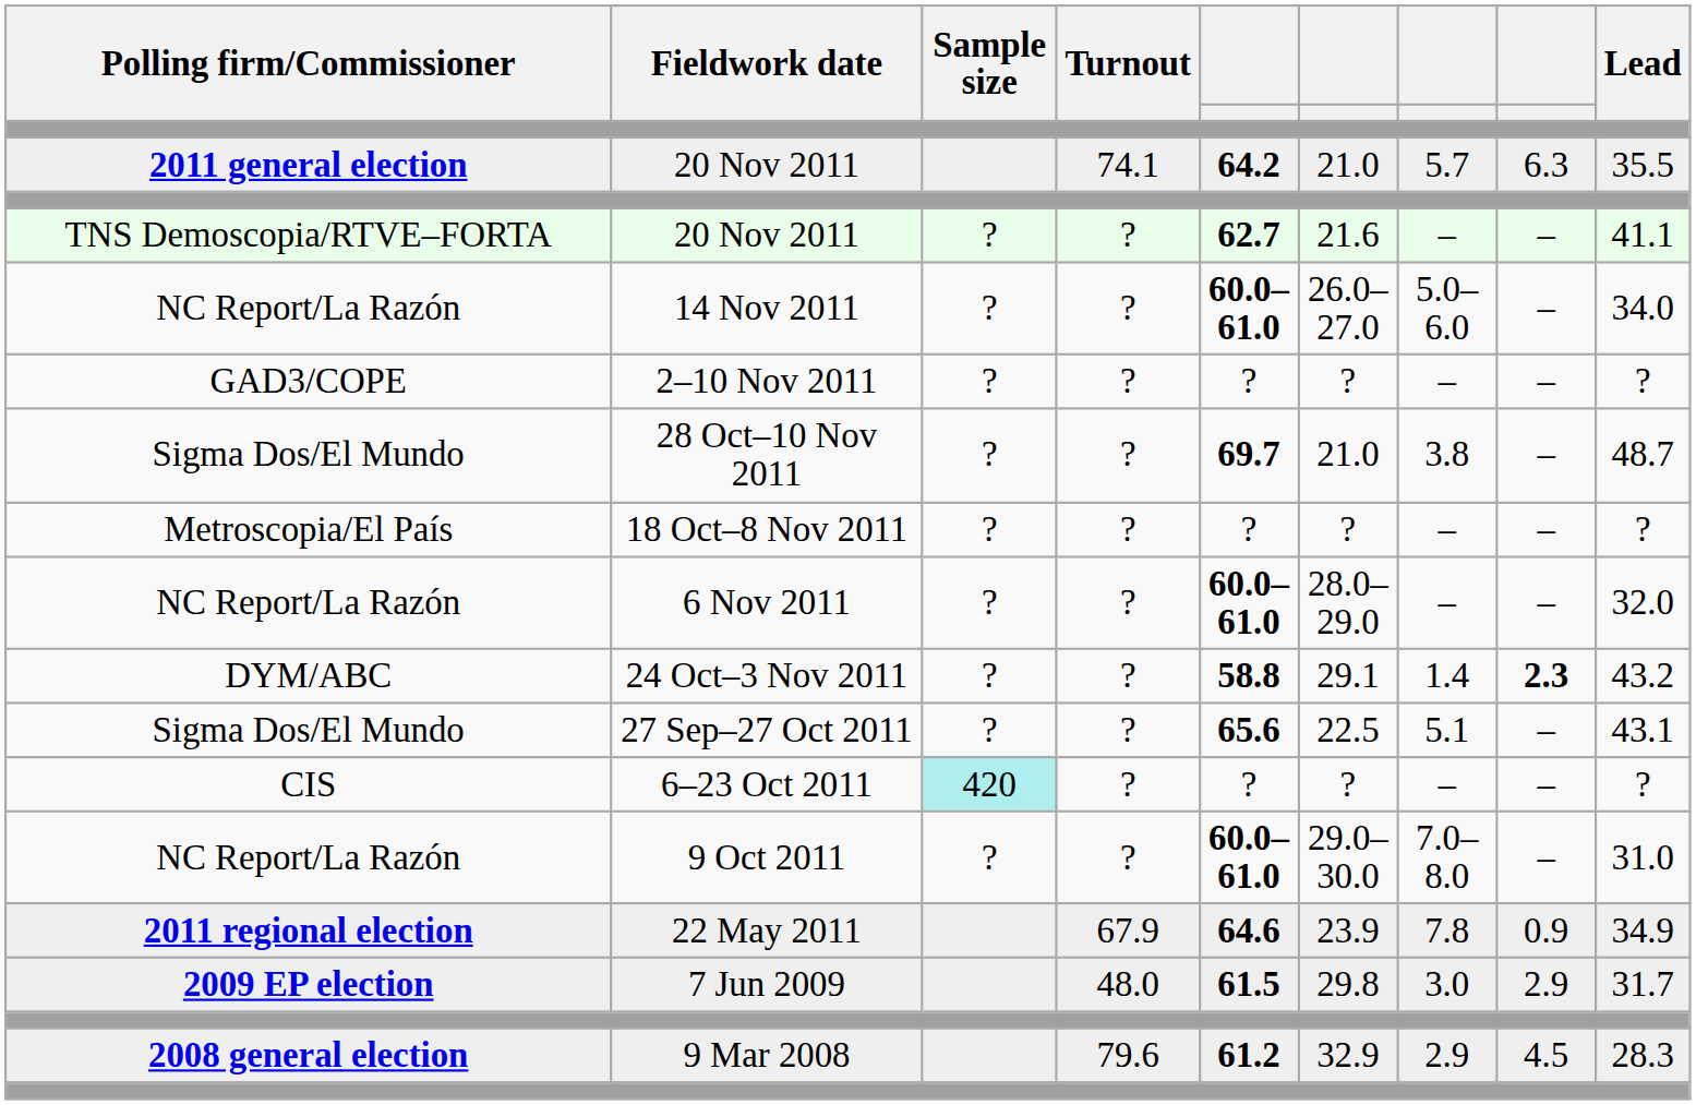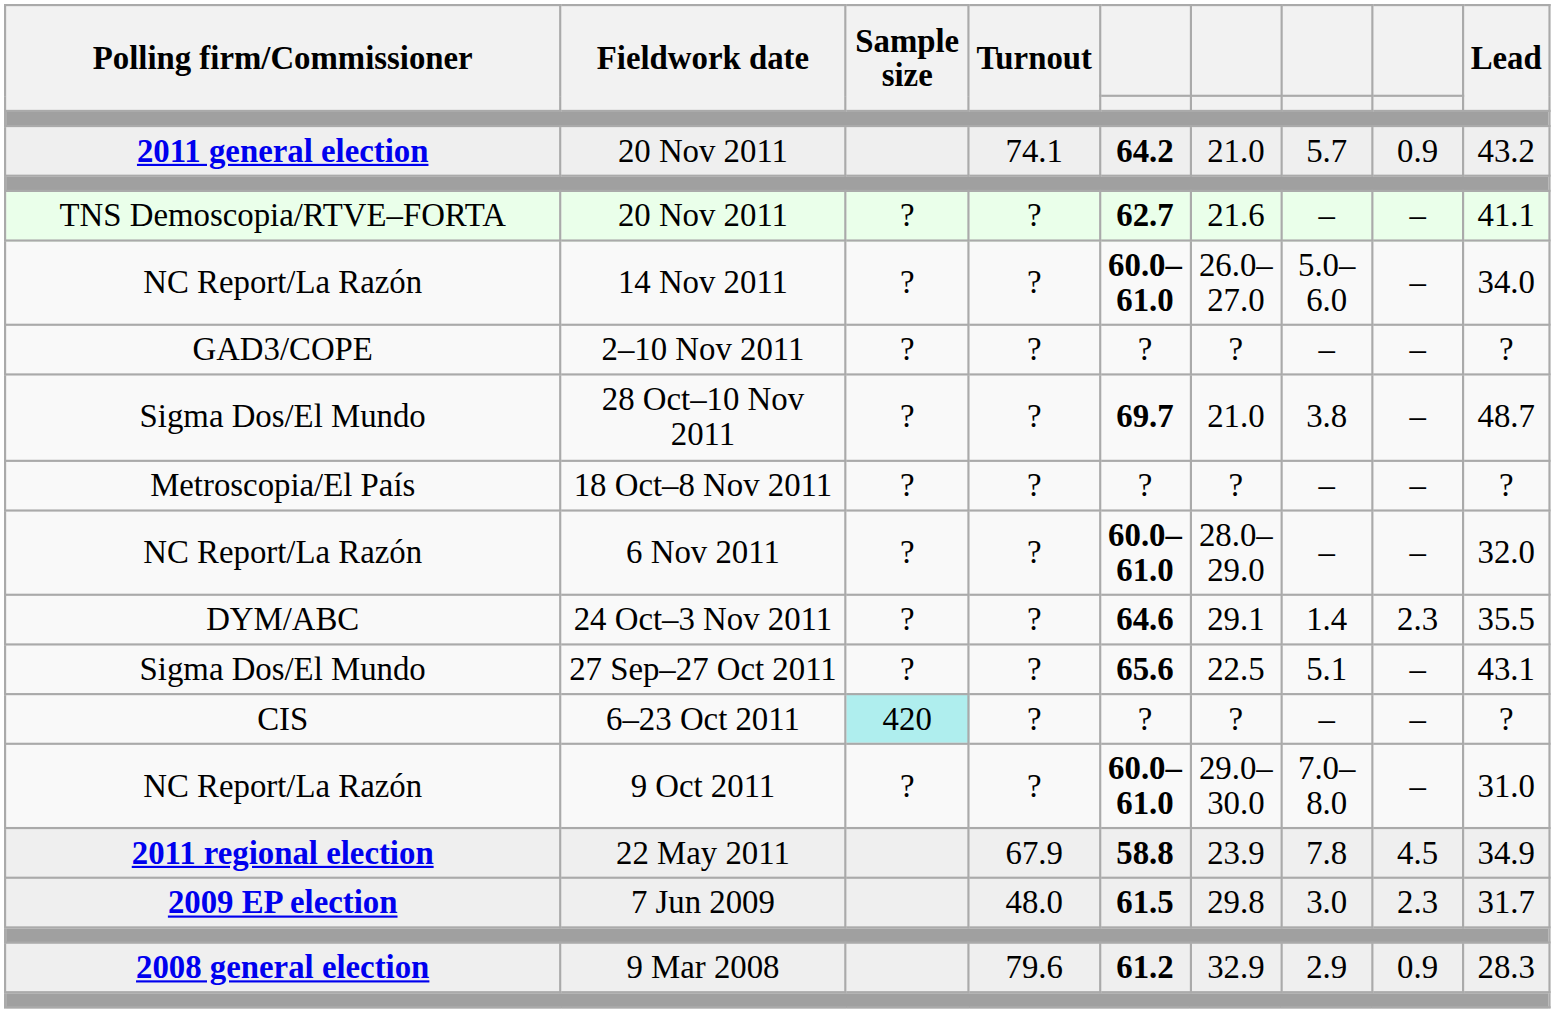 <table class="wikitable collapsible collapsed" style="text-align:center; font-size:95%; line-height:16px;">
 <tr style="height:42px;">
 <th style="width:250px;" rowspan="2">Polling firm/Commissioner</th>
 <th style="width:125px;" rowspan="2">Fieldwork date</th>
 <th style="width:50px;" rowspan="2">Sample size</th>
 <th style="width:45px;" rowspan="2">Turnout</th>
 <th style="width:35px;"></th>
 <th style="width:35px;"></th>
 <th style="width:35px;"></th>
 <th style="width:35px;"></th>
 <th style="width:30px;" rowspan="2">Lead</th>
 </tr>
 <tr>
 <th style="color:inherit;background:"></th>
 <th style="color:inherit;background:"></th>
 <th style="color:inherit;background:"></th>
 <th style="color:inherit;background:"></th>
 </tr>
 <tr>
 <td colspan="9" style="background:#A0A0A0"></td>
 </tr>
 <tr style="background:#EFEFEF;">
 <td><strong><a href='#'>2011 general election</a></strong></td>
 <td>20 Nov 2011</td>
 <td></td>
 <td>74.1</td>
 <td><strong>64.2</strong><br></td>
 <td>21.0<br></td>
 <td>5.7<br></td>
-<td>6.3<br></td>
-<td style="background:">35.5</td>
+<td>0.9<br></td>
+<td style="background:">43.2</td>
 </tr>
 <tr>
 <td colspan="9" style="background:#A0A0A0"></td>
 </tr>
 <tr style="background:#EAFFEA;">
 <td>TNS Demoscopia/RTVE–FORTA</td>
 <td>20 Nov 2011</td>
 <td>?</td>
 <td>?</td>
 <td><strong>62.7</strong><br></td>
 <td>21.6<br></td>
 <td>–</td>
 <td>–</td>
 <td style="background:">41.1</td>
 </tr>
 <tr>
 <td>NC Report/La Razón</td>
 <td>14 Nov 2011</td>
 <td>?</td>
 <td>?</td>
 <td><strong>60.0–<br>61.0</strong><br></td>
 <td>26.0–<br>27.0<br></td>
 <td>5.0–<br>6.0<br></td>
 <td>–</td>
 <td style="background:">34.0</td>
 </tr>
 <tr>
 <td>GAD3/COPE</td>
 <td>2–10 Nov 2011</td>
 <td>?</td>
 <td>?</td>
 <td>?<br></td>
 <td>?<br></td>
 <td>–</td>
 <td>–</td>
 <td style="background:">?</td>
 </tr>
 <tr>
 <td>Sigma Dos/El Mundo</td>
 <td>28 Oct–10 Nov 2011</td>
 <td>?</td>
 <td>?</td>
 <td><strong>69.7</strong><br></td>
 <td>21.0<br></td>
 <td>3.8<br></td>
 <td>–</td>
 <td style="background:">48.7</td>
 </tr>
 <tr>
 <td>Metroscopia/El País</td>
 <td>18 Oct–8 Nov 2011</td>
 <td>?</td>
 <td>?</td>
 <td>?<br></td>
 <td>?<br></td>
 <td>–</td>
 <td>–</td>
 <td style="background:">?</td>
 </tr>
 <tr>
 <td>NC Report/La Razón</td>
 <td>6 Nov 2011</td>
 <td>?</td>
 <td>?</td>
 <td><strong>60.0–<br>61.0</strong><br></td>
 <td>28.0–<br>29.0<br></td>
 <td>–</td>
 <td>–</td>
 <td style="background:">32.0</td>
 </tr>
 <tr>
 <td>DYM/ABC</td>
 <td>24 Oct–3 Nov 2011</td>
 <td>?</td>
 <td>?</td>
-<td><strong>58.8</strong><br></td>
+<td><strong>64.6</strong><br></td>
 <td>29.1<br></td>
 <td>1.4<br></td>
-<td><strong>2.3<br></strong></td>
-<td style="background:">43.2</td>
+<td>2.3<br></td>
+<td style="background:">35.5</td>
 </tr>
 <tr>
 <td>Sigma Dos/El Mundo</td>
 <td>27 Sep–27 Oct 2011</td>
 <td>?</td>
 <td>?</td>
 <td><strong>65.6</strong><br></td>
 <td>22.5<br></td>
 <td>5.1<br></td>
 <td>–</td>
 <td style="background:">43.1</td>
 </tr>
 <tr>
 <td>CIS</td>
 <td>6–23 Oct 2011</td>
 <td style="background: paleturquoise;">420</td>
 <td>?</td>
 <td>?<br></td>
 <td>?<br></td>
 <td>–</td>
 <td>–</td>
 <td style="background:">?</td>
 </tr>
 <tr>
 <td>NC Report/La Razón</td>
 <td>9 Oct 2011</td>
 <td>?</td>
 <td>?</td>
 <td><strong>60.0–<br>61.0</strong><br></td>
 <td>29.0–<br>30.0<br></td>
 <td>7.0–<br>8.0<br></td>
 <td>–</td>
 <td style="background:">31.0</td>
 </tr>
 <tr style="background:#EFEFEF;">
 <td><strong><a href='#'>2011 regional election</a></strong></td>
 <td>22 May 2011</td>
 <td></td>
 <td>67.9</td>
-<td><strong>64.6</strong><br></td>
+<td><strong>58.8</strong><br></td>
 <td>23.9<br></td>
 <td>7.8<br></td>
-<td>0.9<br></td>
+<td>4.5<br></td>
 <td style="background:">34.9</td>
 </tr>
 <tr style="background:#EFEFEF;">
 <td><strong><a href='#'>2009 EP election</a></strong></td>
 <td>7 Jun 2009</td>
 <td></td>
 <td>48.0</td>
 <td><strong>61.5</strong><br></td>
 <td>29.8<br></td>
 <td>3.0<br></td>
-<td>2.9<br></td>
+<td>2.3<br></td>
 <td style="background:">31.7</td>
 </tr>
 <tr>
 <td colspan="9" style="background:#A0A0A0"></td>
 </tr>
 <tr style="background:#EFEFEF;">
 <td><strong><a href='#'>2008 general election</a></strong></td>
 <td>9 Mar 2008</td>
 <td></td>
 <td>79.6</td>
 <td><strong>61.2</strong><br></td>
 <td>32.9<br></td>
 <td>2.9<br></td>
-<td>4.5<br></td>
+<td>0.9<br></td>
 <td style="background:">28.3</td>
 </tr>
 <tr>
 <td colspan="9" style="background:#A0A0A0"></td>
 </tr>
 </table>
